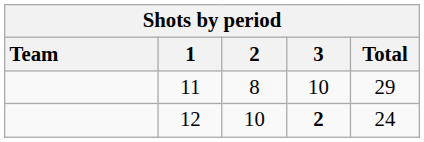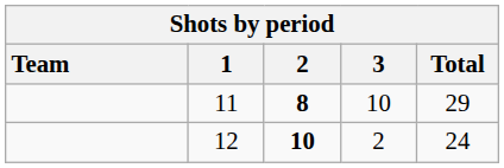 <table class="wikitable" style="width:20em; text-align:right;">
 <tr>
 <th colspan=6>Shots by period</th>
 </tr>
 <tr>
 <th style="width:8em; text-align:left;">Team</th>
 <th style="width:3em;">1</th>
 <th style="width:3em;">2</th>
 <th style="width:3em;">3</th>
 <th style="width:3em;">Total</th>
 </tr>
 <tr>
 <td style="text-align:left;"></td>
 <td align=center>11</td>
-<td align=center>8</td>
+<td align=center><strong>8</strong></td>
 <td align=center>10</td>
 <td align=center>29</td>
 </tr>
 <tr>
 <td style="text-align:left;"></td>
 <td align=center>12</td>
-<td align=center>10</td>
-<td align=center><strong>2</strong></td>
+<td align=center><strong>10</strong></td>
+<td align=center>2</td>
 <td align=center>24</td>
 </tr>
 </table>
